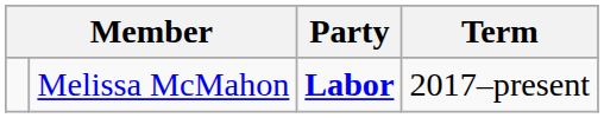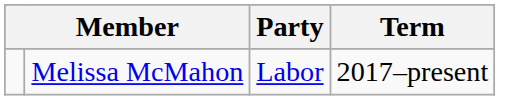 <table class="wikitable">
 <tr>
 <th colspan="2">Member</th>
 <th>Party</th>
 <th>Term</th>
 </tr>
 <tr>
 <td> </td>
 <td><a href='#'>Melissa McMahon</a></td>
-<td><strong><a href='#'>Labor</a></strong></td>
+<td><a href='#'>Labor</a></td>
 <td>2017–present</td>
 </tr>
 </table>
